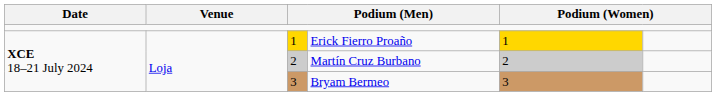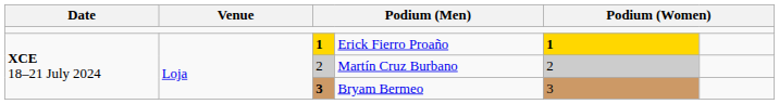 <table class="wikitable" width=70%>
 <tr>
 <th>Date</th>
 <th width=20%>Venue</th>
 <th colspan=2 width=30%>Podium (Men)</th>
 <th colspan=2 width=30%>Podium (Women)</th>
 </tr>
 <tr>
 <td colspan=6></td>
 </tr>
 <tr>
 <td rowspan=3><strong>XCE</strong> <br> 18–21 July 2024</td>
 <td rowspan=3><br><a href='#'>Loja</a></td>
-<td bgcolor=FFD700>1</td>
+<td bgcolor=FFD700><strong>1</strong></td>
 <td><a href='#'>Erick Fierro Proaño</a></td>
-<td bgcolor=FFD700>1</td>
+<td bgcolor=FFD700><strong>1</strong></td>
 <td></td>
 </tr>
 <tr>
 <td bgcolor=CCCCCC>2</td>
 <td><a href='#'>Martín Cruz Burbano</a></td>
 <td bgcolor=CCCCCC>2</td>
 <td></td>
 </tr>
 <tr>
-<td bgcolor=CC9966>3</td>
+<td bgcolor=CC9966><strong>3</strong></td>
 <td><a href='#'>Bryam Bermeo</a></td>
 <td bgcolor=CC9966>3</td>
 <td></td>
 </tr>
 </table>
